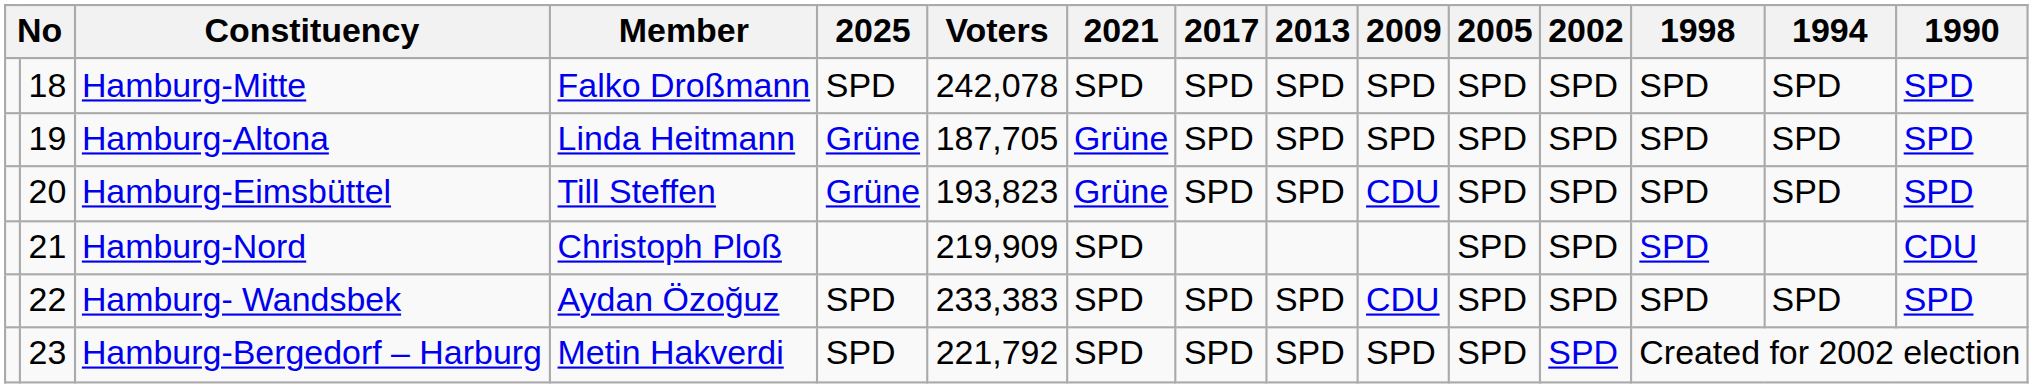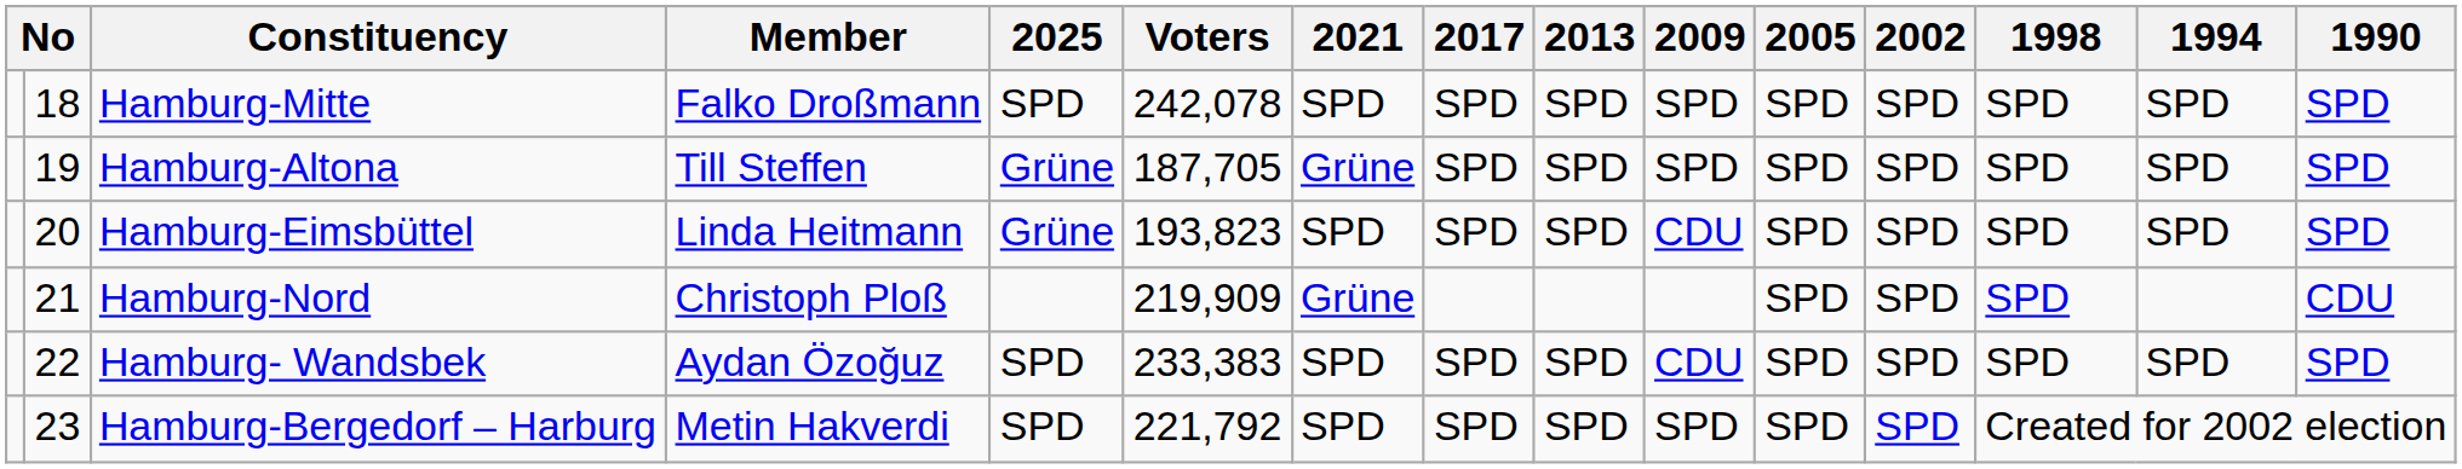 <table class="wikitable sortable">
 <tr>
 <th colspan=2>No</th>
 <th>Constituency</th>
 <th>Member</th>
 <th>2025</th>
 <th>Voters</th>
 <th>2021</th>
 <th>2017</th>
 <th>2013</th>
 <th>2009</th>
 <th>2005</th>
 <th>2002</th>
 <th>1998</th>
 <th>1994</th>
 <th>1990</th>
 </tr>
 <tr>
 <td style="background-color: "></td>
 <td>18</td>
 <td><a href='#'>Hamburg-Mitte</a></td>
 <td><a href='#'>Falko Droßmann</a></td>
 <td bgcolor=>SPD</td>
 <td>242,078</td>
 <td bgcolor=>SPD</td>
 <td bgcolor=>SPD</td>
 <td bgcolor=>SPD</td>
 <td bgcolor=>SPD</td>
 <td bgcolor=>SPD</td>
 <td bgcolor=>SPD</td>
 <td bgcolor=>SPD</td>
 <td bgcolor=>SPD</td>
 <td><a href='#'>SPD</a></td>
 </tr>
 <tr>
 <td style="background-color: "></td>
 <td>19</td>
 <td><a href='#'>Hamburg-Altona</a></td>
-<td><a href='#'>Linda Heitmann</a></td>
+<td><a href='#'>Till Steffen</a></td>
 <td bgcolor=><a href='#'>Grüne</a></td>
 <td>187,705</td>
 <td bgcolor=><a href='#'>Grüne</a></td>
 <td bgcolor=>SPD</td>
 <td bgcolor=>SPD</td>
 <td bgcolor=>SPD</td>
 <td bgcolor=>SPD</td>
 <td bgcolor=>SPD</td>
 <td bgcolor=>SPD</td>
 <td bgcolor=>SPD</td>
 <td><a href='#'>SPD</a></td>
 </tr>
 <tr>
 <td style="background-color: "></td>
 <td>20</td>
 <td><a href='#'>Hamburg-Eimsbüttel</a></td>
-<td><a href='#'>Till Steffen</a></td>
+<td><a href='#'>Linda Heitmann</a></td>
 <td><a href='#'>Grüne</a></td>
 <td>193,823</td>
-<td bgcolor=><a href='#'>Grüne</a></td>
+<td bgcolor=>SPD</td>
 <td bgcolor=>SPD</td>
 <td bgcolor=>SPD</td>
 <td><a href='#'>CDU</a></td>
 <td bgcolor=>SPD</td>
 <td bgcolor=>SPD</td>
 <td bgcolor=>SPD</td>
 <td bgcolor=>SPD</td>
 <td><a href='#'>SPD</a></td>
 </tr>
 <tr>
 <td style="background-color: "></td>
 <td>21</td>
 <td><a href='#'>Hamburg-Nord</a></td>
 <td><a href='#'>Christoph Ploß</a></td>
 <td></td>
 <td>219,909</td>
-<td bgcolor=>SPD</td>
+<td bgcolor=><a href='#'>Grüne</a></td>
 <td></td>
 <td></td>
 <td></td>
 <td bgcolor=>SPD</td>
 <td bgcolor=>SPD</td>
 <td><a href='#'>SPD</a></td>
 <td></td>
 <td><a href='#'>CDU</a></td>
 </tr>
 <tr>
 <td style="background-color: "></td>
 <td>22</td>
 <td><a href='#'>Hamburg- Wandsbek</a></td>
 <td><a href='#'>Aydan Özoğuz</a></td>
 <td bgcolor=>SPD</td>
 <td>233,383</td>
 <td bgcolor=>SPD</td>
 <td bgcolor=>SPD</td>
 <td bgcolor=>SPD</td>
 <td><a href='#'>CDU</a></td>
 <td bgcolor=>SPD</td>
 <td bgcolor=>SPD</td>
 <td bgcolor=>SPD</td>
 <td bgcolor=>SPD</td>
 <td><a href='#'>SPD</a></td>
 </tr>
 <tr>
 <td style="background-color: "></td>
 <td>23</td>
 <td><a href='#'>Hamburg-Bergedorf – Harburg</a></td>
 <td><a href='#'>Metin Hakverdi</a></td>
 <td bgcolor=>SPD</td>
 <td>221,792</td>
 <td bgcolor=>SPD</td>
 <td bgcolor=>SPD</td>
 <td bgcolor=>SPD</td>
 <td bgcolor=>SPD</td>
 <td bgcolor=>SPD</td>
 <td><a href='#'>SPD</a></td>
 <td colspan=3>Created for 2002 election</td>
 </tr>
 </table>
